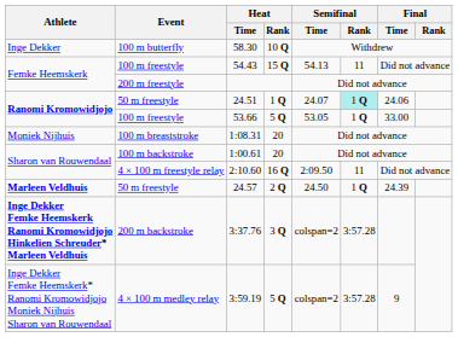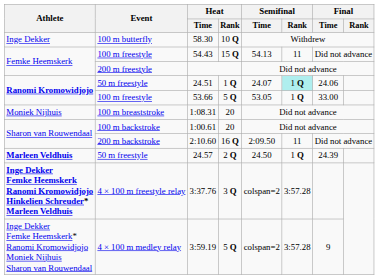 <table class=wikitable style="font-size:90%">
 <tr>
 <th rowspan="2">Athlete</th>
 <th rowspan="2">Event</th>
 <th colspan="2">Heat</th>
 <th colspan="2">Semifinal</th>
 <th colspan="2">Final</th>
 </tr>
 <tr style="font-size:95%">
 <th>Time</th>
 <th>Rank</th>
 <th>Time</th>
 <th>Rank</th>
 <th>Time</th>
 <th>Rank</th>
 </tr>
 <tr align=center>
 <td align=left><a href='#'>Inge Dekker</a></td>
 <td align=left><a href='#'>100 m butterfly</a></td>
 <td>58.30</td>
 <td>10 <strong>Q</strong></td>
 <td colspan=4>Withdrew</td>
 </tr>
 <tr align=center>
 <td align=left rowspan=2><a href='#'>Femke Heemskerk</a></td>
 <td align=left><a href='#'>100 m freestyle</a></td>
 <td>54.43</td>
 <td>15 <strong>Q</strong></td>
 <td>54.13</td>
 <td>11</td>
 <td colspan=2>Did not advance</td>
 </tr>
 <tr align=center>
 <td align=left><a href='#'>200 m freestyle</a></td>
 <td colspan=2></td>
 <td colspan=4>Did not advance</td>
 </tr>
 <tr align=center>
 <td align=left rowspan=2><strong><a href='#'>Ranomi Kromowidjojo</a></strong></td>
 <td align=left><a href='#'>50 m freestyle</a></td>
 <td>24.51</td>
 <td>1 <strong>Q</strong></td>
 <td>24.07</td>
 <td style="background: paleturquoise;">1 <strong>Q</strong></td>
 <td>24.06 </td>
 <td></td>
 </tr>
 <tr align=center>
 <td align=left><a href='#'>100 m freestyle</a></td>
 <td>53.66</td>
 <td>5 <strong>Q</strong></td>
 <td>53.05 </td>
 <td>1 <strong>Q</strong></td>
 <td>33.00 </td>
 <td></td>
 </tr>
 <tr align=center>
 <td align=left><a href='#'>Moniek Nijhuis</a></td>
 <td align=left><a href='#'>100 m breaststroke</a></td>
 <td>1:08.31</td>
 <td>20</td>
 <td colspan=4>Did not advance</td>
 </tr>
 <tr align=center>
 <td align=left rowspan=2><a href='#'>Sharon van Rouwendaal</a></td>
 <td align=left><a href='#'>100 m backstroke</a></td>
 <td>1:00.61</td>
 <td>20</td>
 <td colspan=4>Did not advance</td>
 </tr>
 <tr align=center>
-<td align=left><a href='#'>4 × 100 m freestyle relay</a></td>
+<td align=left><a href='#'>200 m backstroke</a></td>
 <td>2:10.60</td>
 <td>16 <strong>Q</strong></td>
 <td>2:09.50</td>
 <td>11</td>
 <td colspan=2>Did not advance</td>
 </tr>
 <tr align=center>
 <td align=left><strong><a href='#'>Marleen Veldhuis</a></strong></td>
 <td align=left><a href='#'>50 m freestyle</a></td>
 <td>24.57</td>
 <td>2 <strong>Q</strong></td>
 <td>24.50</td>
 <td>1 <strong>Q</strong></td>
 <td>24.39</td>
 <td></td>
 </tr>
 <tr align=center>
 <td align=left><strong><a href='#'>Inge Dekker</a><br><a href='#'>Femke Heemskerk</a><br><a href='#'>Ranomi Kromowidjojo</a><br><a href='#'>Hinkelien Schreuder</a>*<br><a href='#'>Marleen Veldhuis</a></strong></td>
-<td align=left><a href='#'>200 m backstroke</a></td>
+<td align=left><a href='#'>4 × 100 m freestyle relay</a></td>
 <td>3:37.76</td>
 <td>3 <strong>Q</strong></td>
 <td>colspan=2 </td>
 <td>3:57.28</td>
 <td></td>
 </tr>
 <tr align=center>
 <td align=left><a href='#'>Inge Dekker</a><br><a href='#'>Femke Heemskerk</a>*<br><a href='#'>Ranomi Kromowidjojo</a><br><a href='#'>Moniek Nijhuis</a><br><a href='#'>Sharon van Rouwendaal</a><br></td>
 <td align=left><a href='#'>4 × 100 m medley relay</a></td>
 <td>3:59.19</td>
 <td>5 <strong>Q</strong></td>
 <td>colspan=2 </td>
 <td>3:57.28</td>
 <td>9</td>
 </tr>
 </table>
